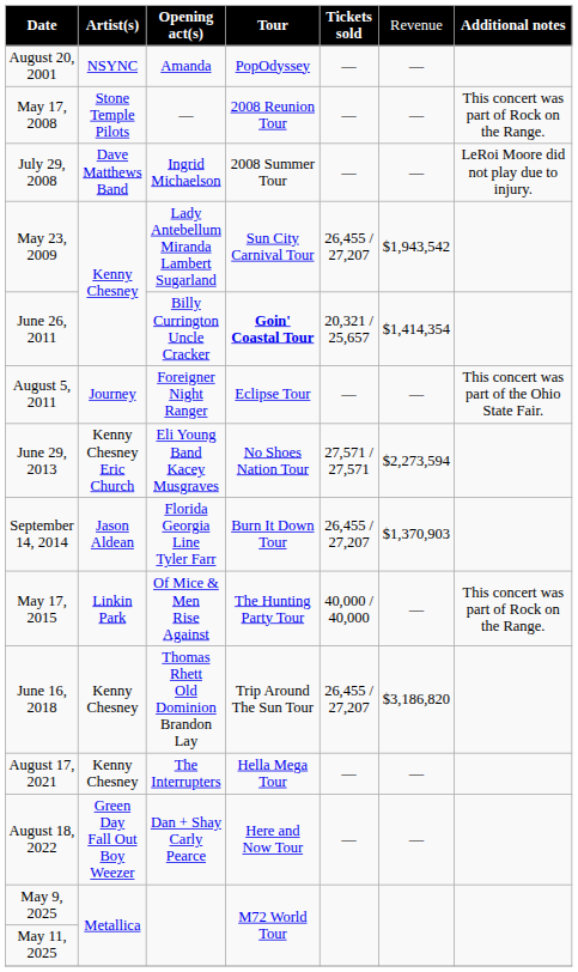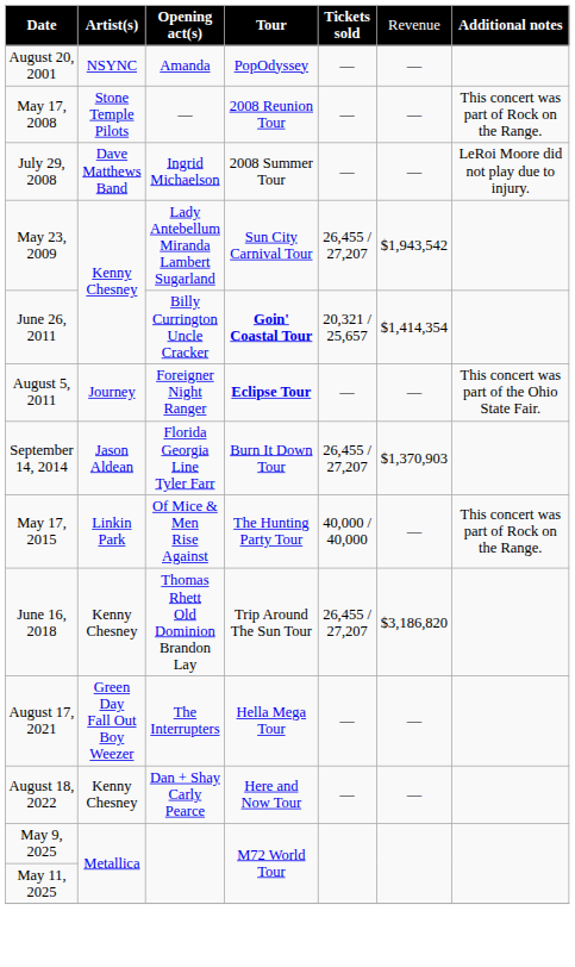 <table class="wikitable" style="text-align:center;">
 <tr>
 <th width=12% style="text-align:center; background:#000; color:#FFF; ">Date</th>
 <th width=10% style="text-align:center; background:#000; color:#FFF; ">Artist(s)</th>
 <th width=10% style="text-align:center; background:#000; color:#FFF; ">Opening act(s)</th>
 <th width=16% style="text-align:center; background:#000; color:#FFF; ">Tour</th>
 <th width=10% style="text-align:center; background:#000; color:#FFF; ">Tickets sold</th>
 <td width=10% style="text-align:center; background:#000; color:#FFF; ">Revenue</td>
 <th width=20% style="text-align:center; background:#000; color:#FFF; ">Additional notes</th>
 </tr>
 <tr>
 <td>August 20, 2001</td>
 <td><a href='#'>NSYNC</a></td>
 <td><a href='#'>Amanda</a></td>
 <td><a href='#'>PopOdyssey</a></td>
 <td>—</td>
 <td>—</td>
 <td></td>
 </tr>
 <tr>
 <td>May 17, 2008</td>
 <td><a href='#'>Stone Temple Pilots</a></td>
 <td>—</td>
 <td><a href='#'>2008 Reunion Tour</a></td>
 <td>—</td>
 <td>—</td>
 <td>This concert was part of Rock on the Range.</td>
 </tr>
 <tr>
 <td>July 29, 2008</td>
 <td><a href='#'>Dave Matthews Band</a></td>
 <td><a href='#'>Ingrid Michaelson</a></td>
 <td>2008 Summer Tour</td>
 <td>—</td>
 <td>—</td>
 <td>LeRoi Moore did not play due to injury.</td>
 </tr>
 <tr>
 <td>May 23, 2009</td>
 <td rowspan="2"><a href='#'>Kenny Chesney</a></td>
 <td><a href='#'>Lady Antebellum</a><br><a href='#'>Miranda Lambert</a><br><a href='#'>Sugarland</a></td>
 <td><a href='#'>Sun City Carnival Tour</a></td>
 <td>26,455 / 27,207</td>
 <td>$1,943,542</td>
 <td></td>
 </tr>
 <tr>
 <td>June 26, 2011</td>
 <td><a href='#'>Billy Currington</a><br><a href='#'>Uncle Cracker</a></td>
 <td><strong><a href='#'>Goin' Coastal Tour</a></strong></td>
 <td>20,321 / 25,657</td>
 <td>$1,414,354</td>
 <td></td>
 </tr>
 <tr>
 <td>August 5, 2011</td>
 <td><a href='#'>Journey</a></td>
 <td><a href='#'>Foreigner</a><br><a href='#'>Night Ranger</a></td>
-<td><a href='#'>Eclipse Tour</a></td>
+<td><strong><a href='#'>Eclipse Tour</a></strong></td>
 <td>—</td>
 <td>—</td>
 <td>This concert was part of the Ohio State Fair.</td>
-</tr>
-<tr>
-<td>June 29, 2013</td>
-<td>Kenny Chesney<br><a href='#'>Eric Church</a></td>
-<td><a href='#'>Eli Young Band</a><br><a href='#'>Kacey Musgraves</a></td>
-<td><a href='#'>No Shoes Nation Tour</a></td>
-<td>27,571 / 27,571</td>
-<td>$2,273,594</td>
-<td></td>
 </tr>
 <tr>
 <td>September 14, 2014</td>
 <td><a href='#'>Jason Aldean</a></td>
 <td><a href='#'>Florida Georgia Line</a><br><a href='#'>Tyler Farr</a></td>
 <td><a href='#'>Burn It Down Tour</a></td>
 <td>26,455 / 27,207</td>
 <td>$1,370,903</td>
 <td></td>
 </tr>
 <tr>
 <td>May 17, 2015</td>
 <td><a href='#'>Linkin Park</a></td>
 <td><a href='#'>Of Mice & Men</a><br><a href='#'>Rise Against</a></td>
 <td><a href='#'>The Hunting Party Tour</a></td>
 <td>40,000 / 40,000</td>
 <td>—</td>
 <td>This concert was part of Rock on the Range.</td>
 </tr>
 <tr>
 <td>June 16, 2018</td>
 <td>Kenny Chesney</td>
 <td><a href='#'>Thomas Rhett</a><br><a href='#'>Old Dominion</a><br>Brandon Lay</td>
 <td>Trip Around The Sun Tour</td>
 <td>26,455 / 27,207</td>
 <td>$3,186,820</td>
 <td></td>
 </tr>
 <tr>
 <td>August 17, 2021</td>
-<td>Kenny Chesney</td>
+<td><a href='#'>Green Day</a><br><a href='#'>Fall Out Boy</a><br><a href='#'>Weezer</a></td>
 <td><a href='#'>The Interrupters</a></td>
 <td><a href='#'>Hella Mega Tour</a></td>
 <td>—</td>
 <td>—</td>
 <td></td>
 </tr>
 <tr>
 <td>August 18, 2022</td>
-<td><a href='#'>Green Day</a><br><a href='#'>Fall Out Boy</a><br><a href='#'>Weezer</a></td>
+<td>Kenny Chesney</td>
 <td><a href='#'>Dan + Shay</a><br><a href='#'>Carly Pearce</a></td>
 <td><a href='#'>Here and Now Tour</a></td>
 <td>—</td>
 <td>—</td>
 <td></td>
 </tr>
 <tr>
 <td>May 9, 2025</td>
 <td rowspan="2"><a href='#'>Metallica</a></td>
 <td rowspan="2"></td>
 <td rowspan="2"><a href='#'>M72 World Tour</a></td>
 <td rowspan="2"></td>
 <td rowspan="2"></td>
 <td rowspan="2"></td>
 </tr>
 <tr>
 <td>May 11, 2025</td>
 </tr>
 <tr>
 </tr>
 </table>
